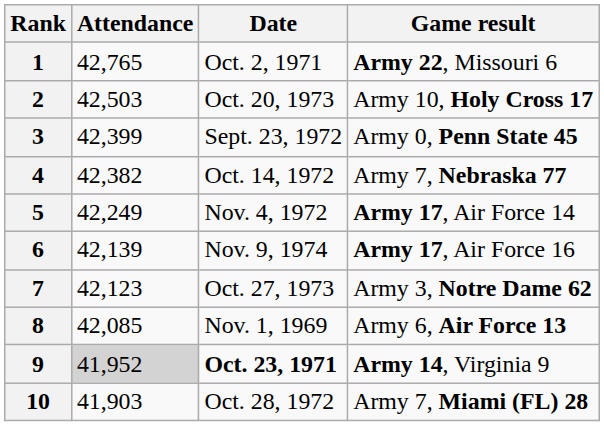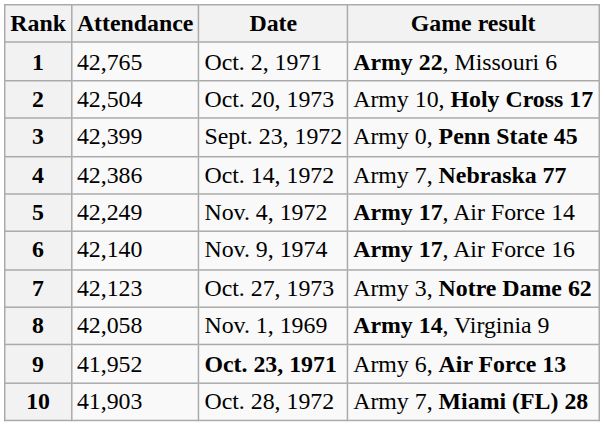 <table class="wikitable">
 <tr>
 <th>Rank</th>
 <th>Attendance</th>
 <th>Date</th>
 <th>Game result</th>
 </tr>
 <tr>
 <th>1</th>
 <td>42,765</td>
 <td>Oct. 2, 1971</td>
 <td><strong>Army 22</strong>, Missouri 6</td>
 </tr>
 <tr>
 <th>2</th>
-<td>42,503</td>
+<td>42,504</td>
 <td>Oct. 20, 1973</td>
 <td>Army 10, <strong>Holy Cross 17</strong></td>
 </tr>
 <tr>
 <th>3</th>
 <td>42,399</td>
 <td>Sept. 23, 1972</td>
 <td>Army 0, <strong>Penn State 45</strong></td>
 </tr>
 <tr>
 <th>4</th>
-<td>42,382</td>
+<td>42,386</td>
 <td>Oct. 14, 1972</td>
 <td>Army 7, <strong>Nebraska 77</strong></td>
 </tr>
 <tr>
 <th>5</th>
 <td>42,249</td>
 <td>Nov. 4, 1972</td>
 <td><strong>Army 17</strong>, Air Force 14</td>
 </tr>
 <tr>
 <th>6</th>
-<td>42,139</td>
+<td>42,140</td>
 <td>Nov. 9, 1974</td>
 <td><strong>Army 17</strong>, Air Force 16</td>
 </tr>
 <tr>
 <th>7</th>
 <td>42,123</td>
 <td>Oct. 27, 1973</td>
 <td>Army 3, <strong>Notre Dame 62</strong></td>
 </tr>
 <tr>
 <th>8</th>
-<td>42,085</td>
+<td>42,058</td>
 <td>Nov. 1, 1969</td>
-<td>Army 6, <strong>Air Force 13</strong></td>
+<td><strong>Army 14</strong>, Virginia 9</td>
 </tr>
 <tr>
 <th>9</th>
-<td style="background: lightgrey;">41,952</td>
+<td>41,952</td>
 <td><strong>Oct. 23, 1971</strong></td>
-<td><strong>Army 14</strong>, Virginia 9</td>
+<td>Army 6, <strong>Air Force 13</strong></td>
 </tr>
 <tr>
 <th>10</th>
 <td>41,903</td>
 <td>Oct. 28, 1972</td>
 <td>Army 7, <strong>Miami (FL) 28</strong></td>
 </tr>
 </table>
